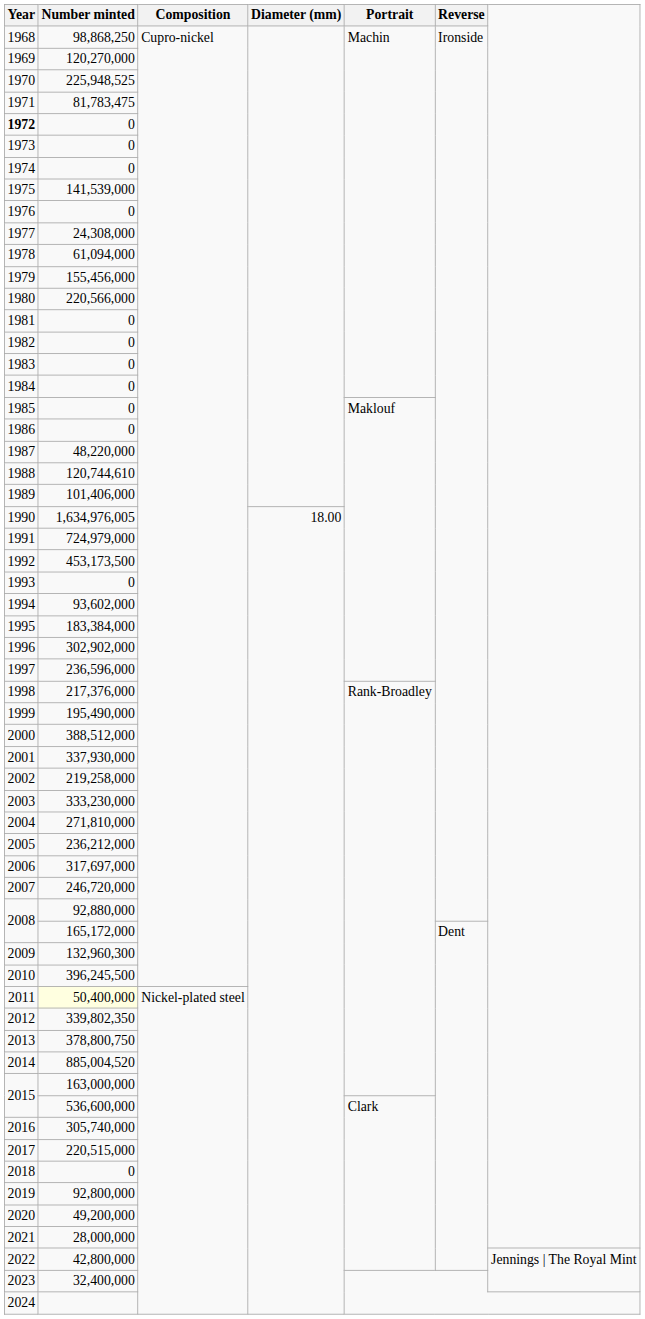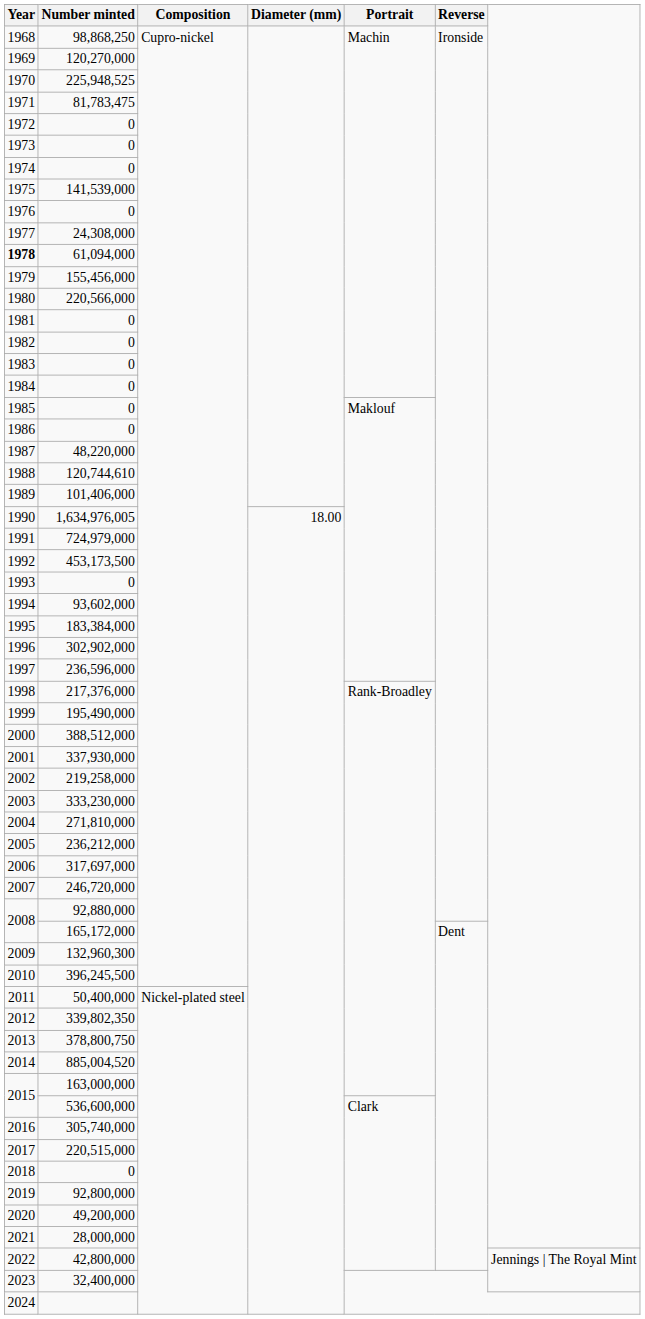 <table class="wikitable sortable" style="text-align: right;">
 <tr>
 <th>Year</th>
 <th>Number minted</th>
 <th>Composition</th>
 <th>Diameter (mm)</th>
 <th>Portrait</th>
 <th>Reverse</th>
 </tr>
 <tr>
 <td>1968</td>
 <td>98,868,250</td>
 <td rowspan="44" style="text-align:left; vertical-align: top;">Cupro-nickel</td>
 <td rowspan="22" style="vertical-align: top;"></td>
 <td rowspan="17" style="text-align:left; vertical-align: top;">Machin</td>
 <td rowspan="41" style="text-align:left; vertical-align: top;">Ironside</td>
 </tr>
 <tr>
 <td>1969</td>
 <td>120,270,000</td>
 </tr>
 <tr>
 <td>1970</td>
 <td>225,948,525</td>
 </tr>
 <tr>
 <td>1971</td>
 <td>81,783,475</td>
 </tr>
 <tr>
-<td><strong>1972</strong></td>
+<td>1972</td>
 <td>0</td>
 </tr>
 <tr>
 <td>1973</td>
 <td>0</td>
 </tr>
 <tr>
 <td>1974</td>
 <td>0</td>
 </tr>
 <tr>
 <td>1975</td>
 <td>141,539,000</td>
 </tr>
 <tr>
 <td>1976</td>
 <td>0</td>
 </tr>
 <tr>
 <td>1977</td>
 <td>24,308,000</td>
 </tr>
 <tr>
-<td>1978</td>
+<td><strong>1978</strong></td>
 <td>61,094,000</td>
 </tr>
 <tr>
 <td>1979</td>
 <td>155,456,000</td>
 </tr>
 <tr>
 <td>1980</td>
 <td>220,566,000</td>
 </tr>
 <tr>
 <td>1981</td>
 <td>0</td>
 </tr>
 <tr>
 <td>1982</td>
 <td>0</td>
 </tr>
 <tr>
 <td>1983</td>
 <td>0</td>
 </tr>
 <tr>
 <td>1984</td>
 <td>0</td>
 </tr>
 <tr>
 <td>1985</td>
 <td>0</td>
 <td rowspan="13" style="text-align:left; vertical-align: top;">Maklouf</td>
 </tr>
 <tr>
 <td>1986</td>
 <td>0</td>
 </tr>
 <tr>
 <td>1987</td>
 <td>48,220,000</td>
 </tr>
 <tr>
 <td>1988</td>
 <td>120,744,610</td>
 </tr>
 <tr>
 <td>1989</td>
 <td>101,406,000</td>
 </tr>
 <tr>
 <td>1990</td>
 <td>1,634,976,005</td>
 <td rowspan="37" style="vertical-align: top;">18.00</td>
 </tr>
 <tr>
 <td>1991</td>
 <td>724,979,000</td>
 </tr>
 <tr>
 <td>1992</td>
 <td>453,173,500</td>
 </tr>
 <tr>
 <td>1993</td>
 <td>0</td>
 </tr>
 <tr>
 <td>1994</td>
 <td>93,602,000</td>
 </tr>
 <tr>
 <td>1995</td>
 <td>183,384,000</td>
 </tr>
 <tr>
 <td>1996</td>
 <td>302,902,000</td>
 </tr>
 <tr>
 <td>1997</td>
 <td>236,596,000</td>
 </tr>
 <tr>
 <td>1998</td>
 <td>217,376,000</td>
 <td rowspan="19" style="text-align:left; vertical-align: top;">Rank-Broadley</td>
 </tr>
 <tr>
 <td>1999</td>
 <td>195,490,000</td>
 </tr>
 <tr>
 <td>2000</td>
 <td>388,512,000</td>
 </tr>
 <tr>
 <td>2001</td>
 <td>337,930,000</td>
 </tr>
 <tr>
 <td>2002</td>
 <td>219,258,000</td>
 </tr>
 <tr>
 <td>2003</td>
 <td>333,230,000</td>
 </tr>
 <tr>
 <td>2004</td>
 <td>271,810,000</td>
 </tr>
 <tr>
 <td>2005</td>
 <td>236,212,000</td>
 </tr>
 <tr>
 <td>2006</td>
 <td>317,697,000</td>
 </tr>
 <tr>
 <td>2007</td>
 <td>246,720,000</td>
 </tr>
 <tr>
 <td rowspan="2">2008</td>
 <td>92,880,000</td>
 </tr>
 <tr>
 <td>165,172,000</td>
 <td rowspan="16" style="text-align:left; vertical-align: top;">Dent</td>
 </tr>
 <tr>
 <td>2009</td>
 <td>132,960,300</td>
 </tr>
 <tr>
 <td>2010</td>
 <td>396,245,500</td>
 </tr>
 <tr>
 <td>2011</td>
-<td style="background: lightyellow;">50,400,000</td>
+<td>50,400,000</td>
 <td rowspan="15" style="text-align:left; vertical-align: top;">Nickel-plated steel</td>
 </tr>
 <tr>
 <td>2012</td>
 <td>339,802,350</td>
 </tr>
 <tr>
 <td>2013</td>
 <td>378,800,750</td>
 </tr>
 <tr>
 <td>2014</td>
 <td>885,004,520</td>
 </tr>
 <tr>
 <td rowspan="2">2015</td>
 <td>163,000,000</td>
 </tr>
 <tr>
 <td>536,600,000</td>
 <td rowspan="8" style="text-align:left; vertical-align: top;">Clark</td>
 </tr>
 <tr>
 <td>2016</td>
 <td>305,740,000</td>
 </tr>
 <tr>
 <td>2017</td>
 <td>220,515,000</td>
 </tr>
 <tr>
 <td>2018</td>
 <td>0</td>
 </tr>
 <tr>
 <td>2019</td>
 <td>92,800,000</td>
 </tr>
 <tr>
 <td>2020</td>
 <td>49,200,000</td>
 </tr>
 <tr>
 <td>2021</td>
 <td>28,000,000</td>
 </tr>
 <tr>
 <td>2022</td>
 <td>42,800,000</td>
 <td rowspan="2" style="text-align:left; vertical-align: top;">Jennings | The Royal Mint</td>
 </tr>
 <tr>
 <td>2023</td>
 <td>32,400,000</td>
 </tr>
 <tr>
 <td>2024</td>
 <td 0></td>
 </tr>
 </table>
